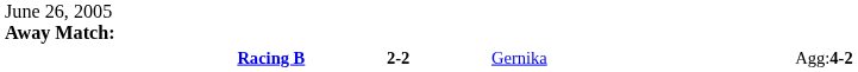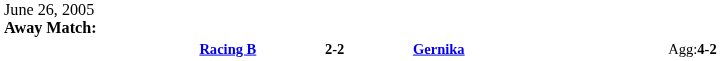 <table width=100% cellspacing=1>
 <tr>
 <th width=20%></th>
 <th width=12%></th>
 <th width=20%></th>
 <th></th>
 </tr>
 <tr>
 <td>June 26, 2005<br><strong>Away Match:</strong></td>
 </tr>
 <tr style=font-size:90%>
 <td align=right><strong><a href='#'>Racing B</a></strong></td>
 <td align=center><strong>2-2</strong></td>
-<td><a href='#'>Gernika</a></td>
+<td><strong><a href='#'>Gernika</a></strong></td>
 <td>Agg:<strong>4-2</strong></td>
 </tr>
 </table>
